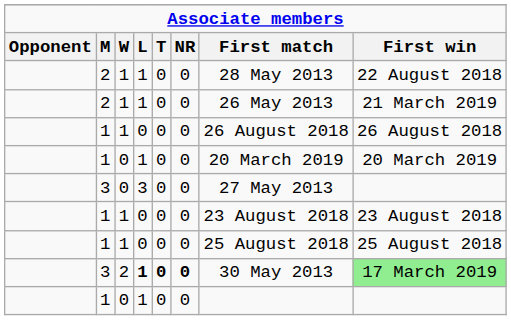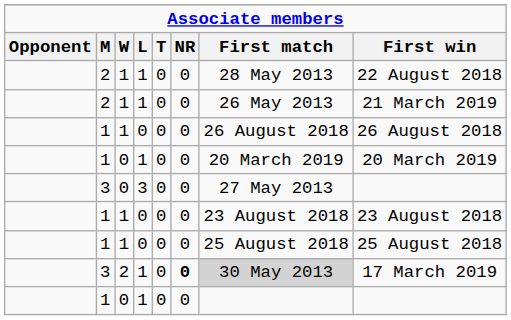 <table class="wikitable" style="text-align: center;">
 <tr>
 </tr>
 <tr>
 <td colspan="30" style="text-align: center;"><strong><a href='#'>Associate members</a></strong></td>
 </tr>
 <tr>
 <th>Opponent</th>
 <th>M</th>
 <th>W</th>
 <th>L</th>
 <th>T</th>
 <th>NR</th>
 <th>First match</th>
 <th>First win</th>
 </tr>
 <tr>
 <td></td>
 <td>2</td>
 <td>1</td>
 <td>1</td>
 <td>0</td>
 <td>0</td>
 <td>28 May 2013</td>
 <td>22 August 2018</td>
 </tr>
 <tr>
 <td></td>
 <td>2</td>
 <td>1</td>
 <td>1</td>
 <td>0</td>
 <td>0</td>
 <td>26 May 2013</td>
 <td>21 March 2019</td>
 </tr>
 <tr>
 <td></td>
 <td>1</td>
 <td>1</td>
 <td>0</td>
 <td>0</td>
 <td>0</td>
 <td>26 August 2018</td>
 <td>26 August 2018</td>
 </tr>
 <tr>
 <td></td>
 <td>1</td>
 <td>0</td>
 <td>1</td>
 <td>0</td>
 <td>0</td>
 <td>20 March 2019</td>
 <td>20 March 2019</td>
 </tr>
 <tr>
 <td></td>
 <td>3</td>
 <td>0</td>
 <td>3</td>
 <td>0</td>
 <td>0</td>
 <td>27 May 2013</td>
 <td></td>
 </tr>
 <tr>
 <td></td>
 <td>1</td>
 <td>1</td>
 <td>0</td>
 <td>0</td>
 <td>0</td>
 <td>23 August 2018</td>
 <td>23 August 2018</td>
 </tr>
 <tr>
 <td></td>
 <td>1</td>
 <td>1</td>
 <td>0</td>
 <td>0</td>
 <td>0</td>
 <td>25 August 2018</td>
 <td>25 August 2018</td>
 </tr>
 <tr>
 <td></td>
 <td>3</td>
 <td>2</td>
-<td><strong>1</strong></td>
+<td>1</td>
+<td>0</td>
 <td><strong>0</strong></td>
-<td><strong>0</strong></td>
-<td>30 May 2013</td>
-<td style="background: lightgreen;">17 March 2019</td>
+<td style="background: lightgrey;">30 May 2013</td>
+<td>17 March 2019</td>
 </tr>
 <tr>
 <td></td>
 <td>1</td>
 <td>0</td>
 <td>1</td>
 <td>0</td>
 <td>0</td>
 <td></td>
 <td></td>
 </tr>
 </table>
